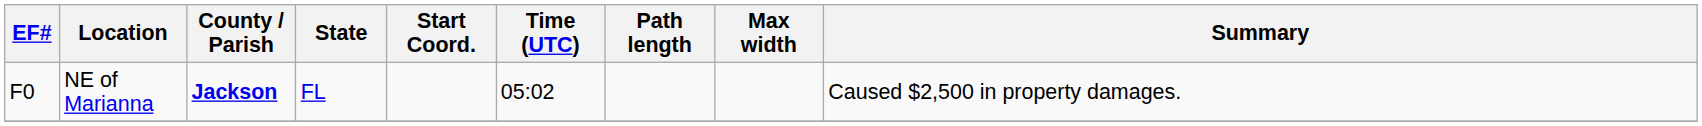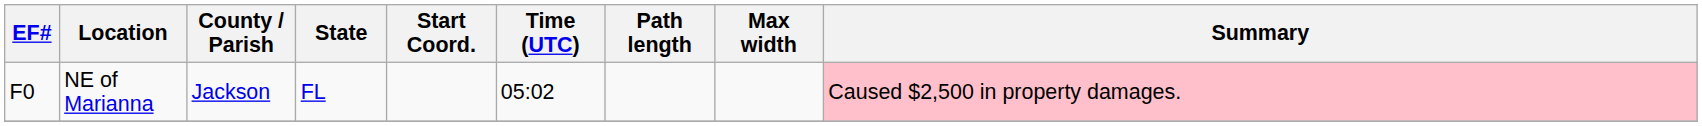 <table class="wikitable sortable" style="width:100%;">
 <tr>
 <th scope="col"  style="width:3%; text-align:center;"><a href='#'>EF#</a></th>
 <th scope="col"  style="width:7%; text-align:center;" class="unsortable">Location</th>
 <th scope="col"  style="width:6%; text-align:center;" class="unsortable">County / Parish</th>
 <th scope="col"  style="width:5%; text-align:center;">State</th>
 <th scope="col"  style="width:6%; text-align:center;">Start Coord.</th>
 <th scope="col"  style="width:6%; text-align:center;">Time (<a href='#'>UTC</a>)</th>
 <th scope="col"  style="width:6%; text-align:center;">Path length</th>
 <th scope="col"  style="width:6%; text-align:center;">Max width</th>
 <th scope="col" class="unsortable" style="width:48%; text-align:center;">Summary</th>
 </tr>
 <tr>
 <td bgcolor=>F0</td>
 <td>NE of <a href='#'>Marianna</a></td>
-<td><strong><a href='#'>Jackson</a></strong></td>
+<td><a href='#'>Jackson</a></td>
 <td><a href='#'>FL</a></td>
 <td></td>
 <td>05:02</td>
 <td></td>
 <td></td>
-<td>Caused $2,500 in property damages.</td>
+<td style="background: pink;">Caused $2,500 in property damages.</td>
 </tr>
 <tr>
 </tr>
 </table>
